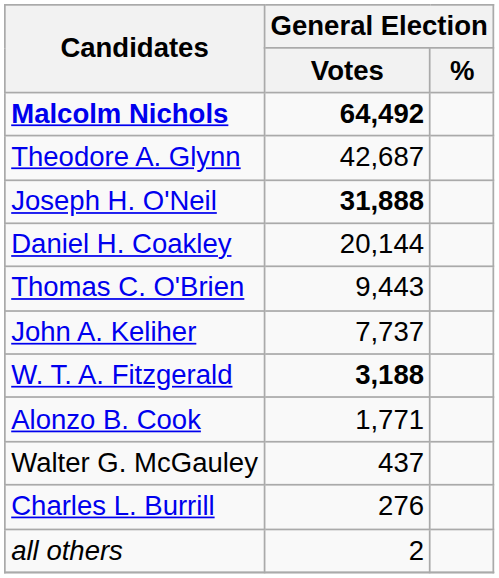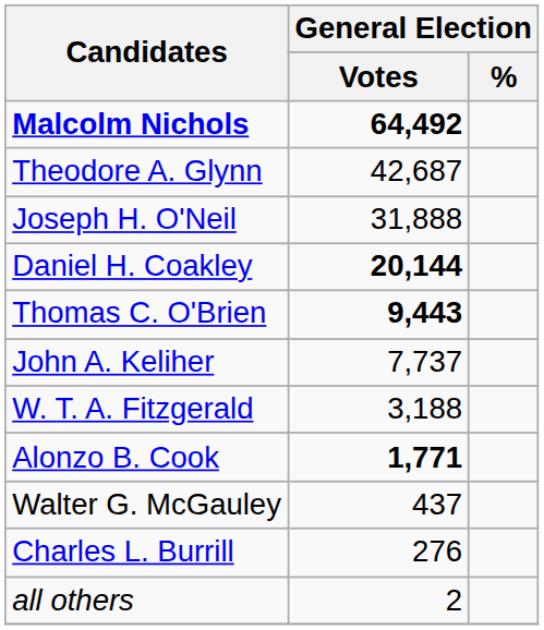 <table class=wikitable>
 <tr>
 <th colspan=1 rowspan=2><strong>Candidates</strong></th>
 <th colspan=2><strong>General Election</strong></th>
 </tr>
 <tr>
 <th>Votes</th>
 <th>%</th>
 </tr>
 <tr>
 <td><strong><a href='#'>Malcolm Nichols</a></strong></td>
 <td align="right"><strong>64,492</strong></td>
 <td align="right"><strong></strong></td>
 </tr>
 <tr>
 <td><a href='#'>Theodore A. Glynn</a></td>
 <td align="right">42,687</td>
 <td align="right"></td>
 </tr>
 <tr>
 <td><a href='#'>Joseph H. O'Neil</a></td>
-<td align="right"><strong>31,888</strong></td>
+<td align="right">31,888</td>
 <td align="right"></td>
 </tr>
 <tr>
 <td><a href='#'>Daniel H. Coakley</a></td>
-<td align="right">20,144</td>
+<td align="right"><strong>20,144</strong></td>
 <td align="right"></td>
 </tr>
 <tr>
 <td><a href='#'>Thomas C. O'Brien</a></td>
-<td align="right">9,443</td>
+<td align="right"><strong>9,443</strong></td>
 <td align="right"></td>
 </tr>
 <tr>
 <td><a href='#'>John A. Keliher</a></td>
 <td align="right">7,737</td>
 <td align="right"></td>
 </tr>
 <tr>
 <td><a href='#'>W. T. A. Fitzgerald</a></td>
-<td align="right"><strong>3,188</strong></td>
+<td align="right">3,188</td>
 <td align="right"></td>
 </tr>
 <tr>
 <td><a href='#'>Alonzo B. Cook</a></td>
-<td align="right">1,771</td>
+<td align="right"><strong>1,771</strong></td>
 <td align="right"></td>
 </tr>
 <tr>
 <td>Walter G. McGauley</td>
 <td align="right">437</td>
 <td align="right"></td>
 </tr>
 <tr>
 <td><a href='#'>Charles L. Burrill</a></td>
 <td align="right">276</td>
 <td align="right"></td>
 </tr>
 <tr>
 <td><em>all others</em></td>
 <td align="right">2</td>
 <td align="right"></td>
 </tr>
 <tr>
 </tr>
 </table>
